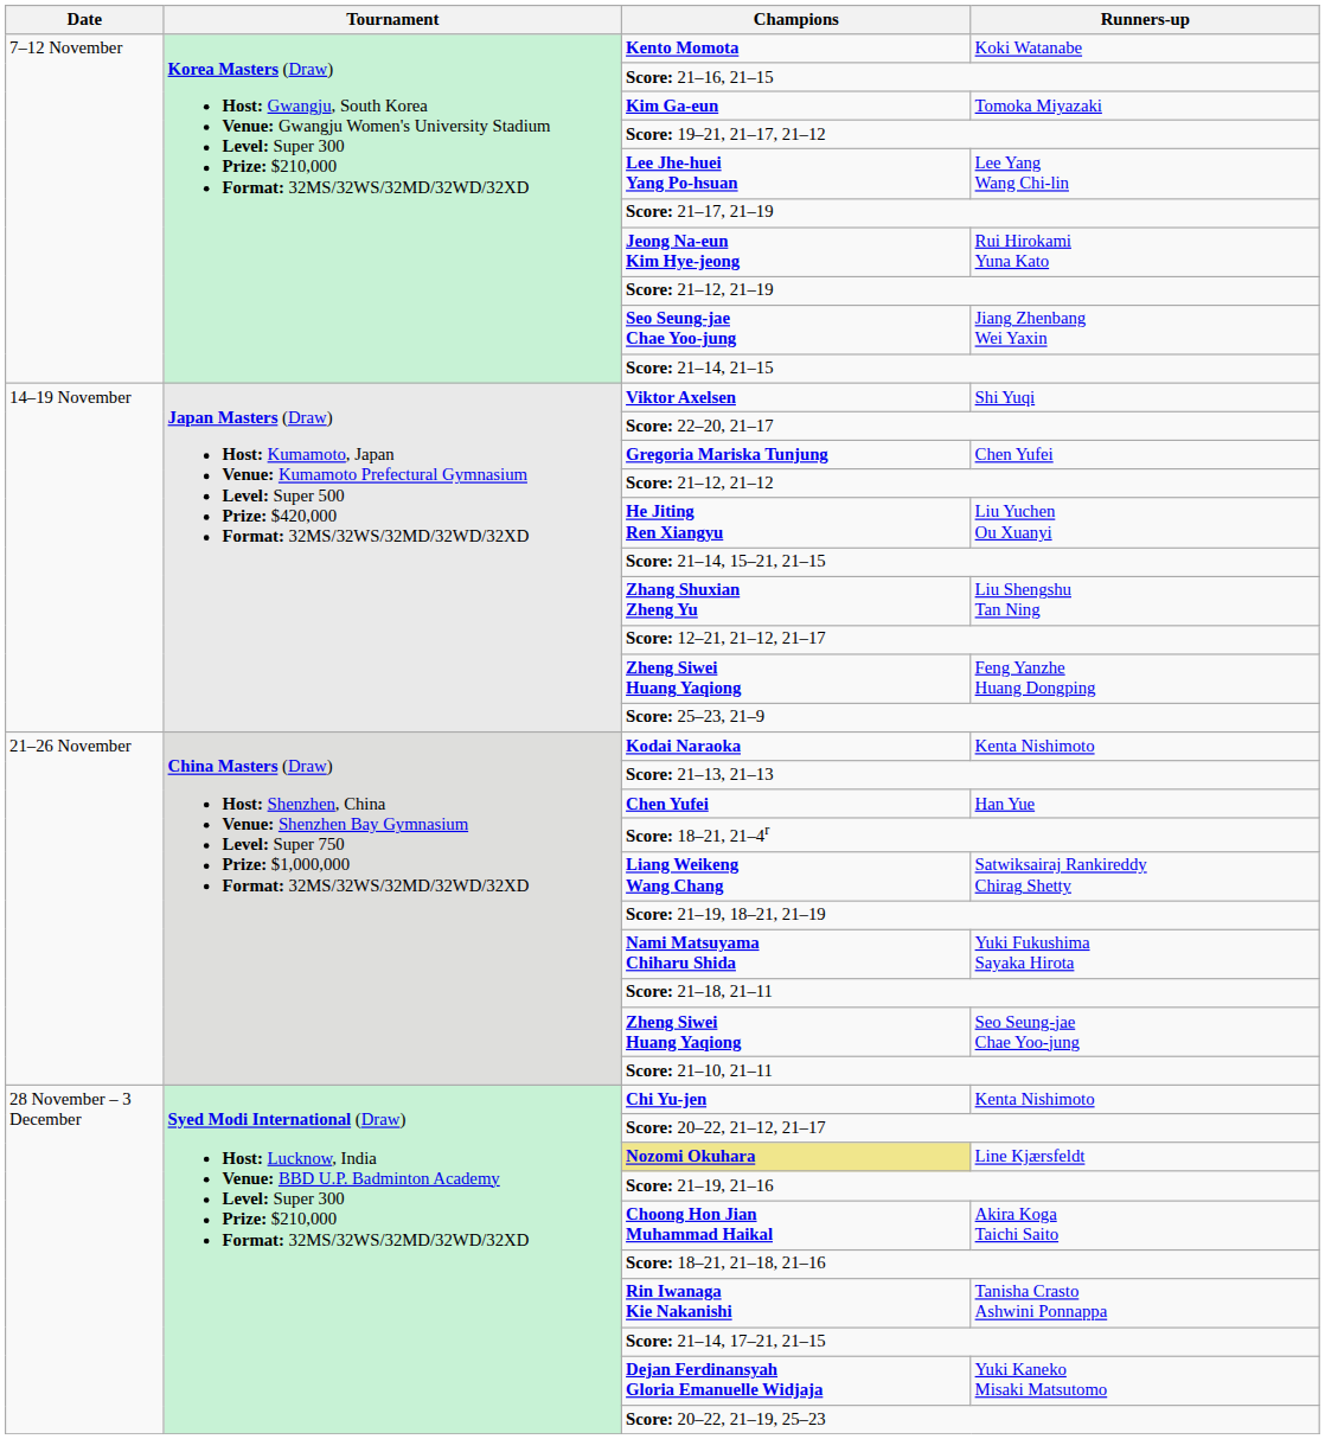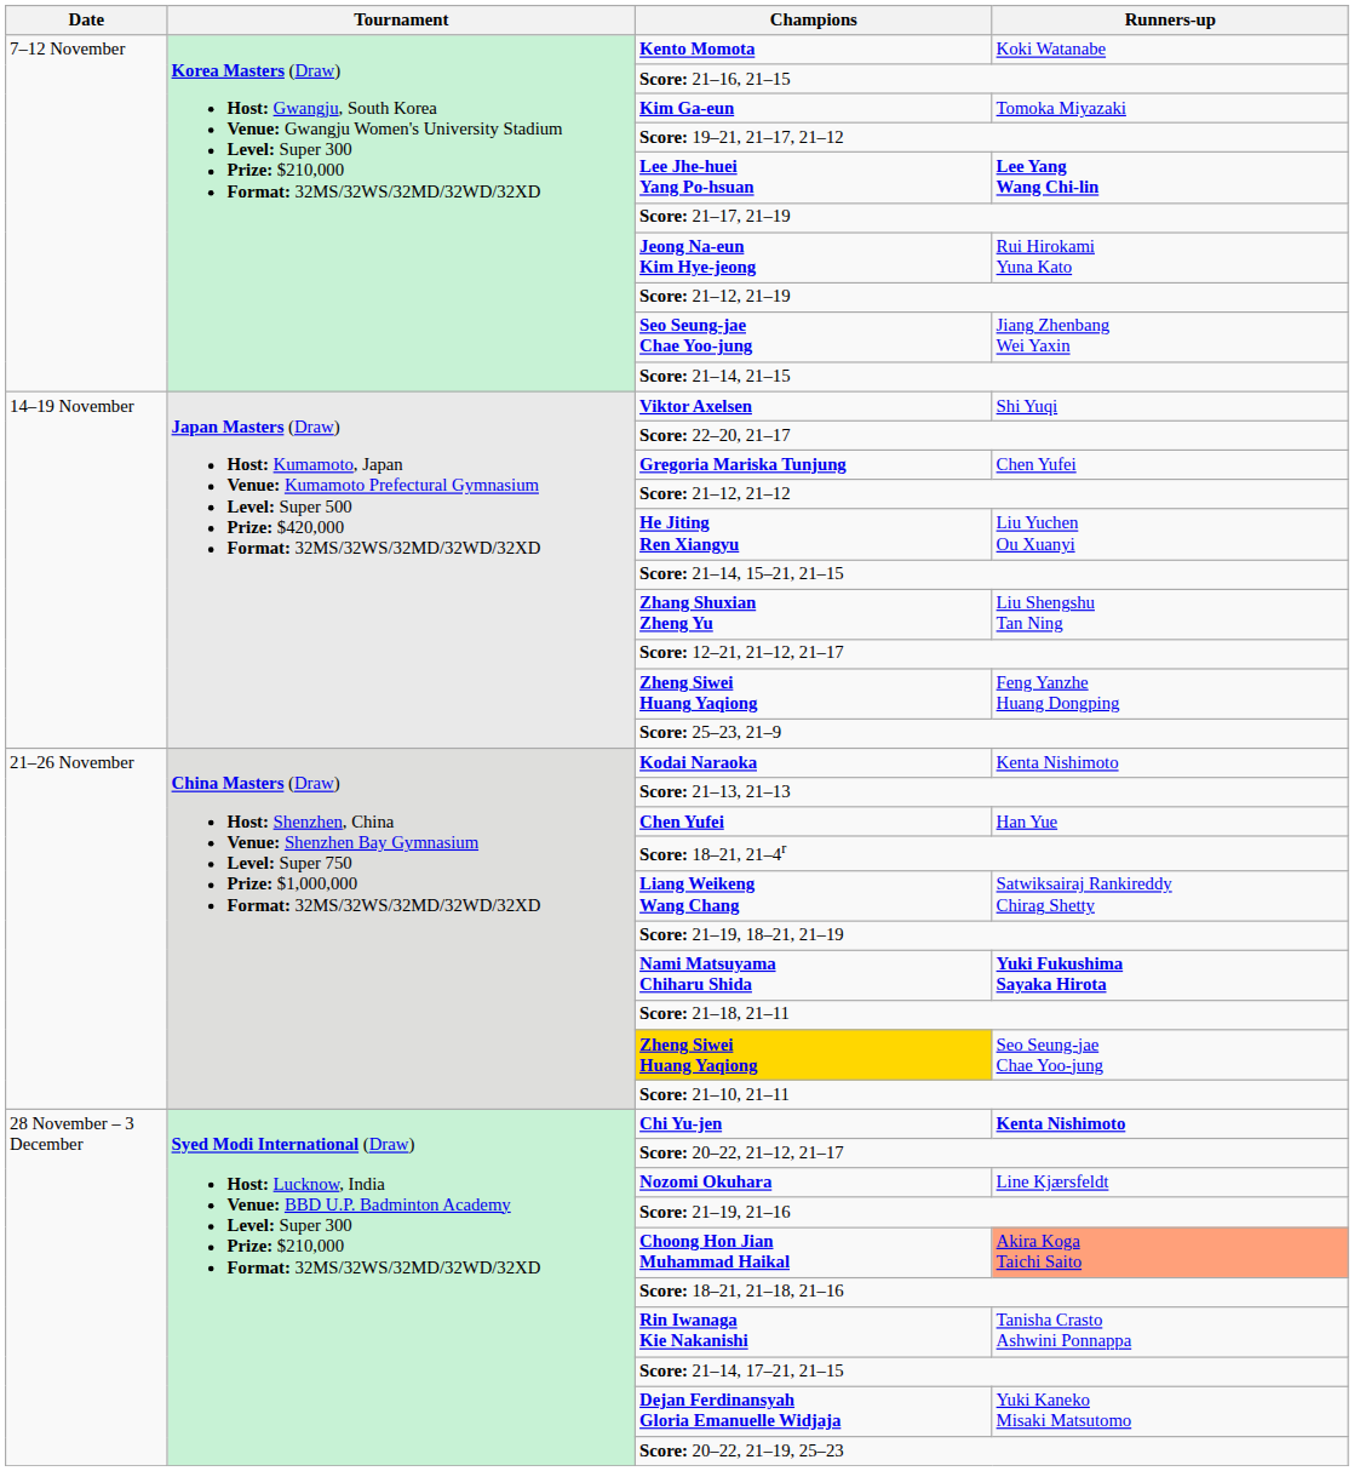 <table class="wikitable" style="font-size:80%">
 <tr>
 <th width="110">Date</th>
 <th width="330">Tournament</th>
 <th width="250">Champions</th>
 <th width="250">Runners-up</th>
 </tr>
 <tr valign="top">
 <td rowspan="10">7–12 November</td>
 <td bgcolor="#C7F2D5" rowspan="10"><br><strong><a href='#'>Korea Masters</a></strong> (<a href='#'>Draw</a>)<ul><li><strong>Host:</strong> <a href='#'>Gwangju</a>, South Korea</li><li><strong>Venue:</strong> Gwangju Women's University Stadium</li><li><strong>Level:</strong> Super 300</li><li><strong>Prize:</strong> $210,000</li><li><strong>Format:</strong> 32MS/32WS/32MD/32WD/32XD</li></ul></td>
 <td><strong> <a href='#'>Kento Momota</a></strong></td>
 <td> <a href='#'>Koki Watanabe</a></td>
 </tr>
 <tr>
 <td colspan="2"><strong>Score:</strong> 21–16, 21–15</td>
 </tr>
 <tr valign="top">
 <td><strong> <a href='#'>Kim Ga-eun</a></strong></td>
 <td> <a href='#'>Tomoka Miyazaki</a></td>
 </tr>
 <tr>
 <td colspan="2"><strong>Score:</strong> 19–21, 21–17, 21–12</td>
 </tr>
 <tr valign="top">
 <td><strong> <a href='#'>Lee Jhe-huei</a><br> <a href='#'>Yang Po-hsuan</a></strong></td>
-<td> <a href='#'>Lee Yang</a> <br> <a href='#'>Wang Chi-lin</a></td>
+<td><strong> <a href='#'>Lee Yang</a> <br> <a href='#'>Wang Chi-lin</a></strong></td>
 </tr>
 <tr>
 <td colspan="2"><strong>Score:</strong> 21–17, 21–19</td>
 </tr>
 <tr valign="top">
 <td><strong> <a href='#'>Jeong Na-eun</a><br> <a href='#'>Kim Hye-jeong</a></strong></td>
 <td> <a href='#'>Rui Hirokami</a><br> <a href='#'>Yuna Kato</a></td>
 </tr>
 <tr>
 <td colspan="2"><strong>Score:</strong> 21–12, 21–19</td>
 </tr>
 <tr valign="top">
 <td><strong> <a href='#'>Seo Seung-jae</a><br> <a href='#'>Chae Yoo-jung</a></strong></td>
 <td> <a href='#'>Jiang Zhenbang</a><br> <a href='#'>Wei Yaxin</a></td>
 </tr>
 <tr>
 <td colspan="2"><strong>Score:</strong> 21–14, 21–15</td>
 </tr>
 <tr valign="top">
 <td rowspan="10">14–19 November</td>
 <td bgcolor="#E9E9E9" rowspan="10"><br><strong><a href='#'>Japan Masters</a></strong> (<a href='#'>Draw</a>)<ul><li><strong>Host:</strong> <a href='#'>Kumamoto</a>, Japan</li><li><strong>Venue:</strong> <a href='#'>Kumamoto Prefectural Gymnasium</a></li><li><strong>Level:</strong> Super 500</li><li><strong>Prize:</strong> $420,000</li><li><strong>Format:</strong> 32MS/32WS/32MD/32WD/32XD</li></ul></td>
 <td><strong> <a href='#'>Viktor Axelsen</a></strong></td>
 <td> <a href='#'>Shi Yuqi</a></td>
 </tr>
 <tr>
 <td colspan="2"><strong>Score:</strong> 22–20, 21–17</td>
 </tr>
 <tr valign="top">
 <td><strong> <a href='#'>Gregoria Mariska Tunjung</a></strong></td>
 <td> <a href='#'>Chen Yufei</a></td>
 </tr>
 <tr>
 <td colspan="2"><strong>Score:</strong> 21–12, 21–12</td>
 </tr>
 <tr valign="top">
 <td><strong> <a href='#'>He Jiting</a> <br> <a href='#'>Ren Xiangyu</a></strong></td>
 <td> <a href='#'>Liu Yuchen</a> <br> <a href='#'>Ou Xuanyi</a></td>
 </tr>
 <tr>
 <td colspan="2"><strong>Score:</strong> 21–14, 15–21, 21–15</td>
 </tr>
 <tr valign="top">
 <td><strong> <a href='#'>Zhang Shuxian</a> <br> <a href='#'>Zheng Yu</a></strong></td>
 <td> <a href='#'>Liu Shengshu</a> <br> <a href='#'>Tan Ning</a></td>
 </tr>
 <tr>
 <td colspan="2"><strong>Score:</strong> 12–21, 21–12, 21–17</td>
 </tr>
 <tr valign="top">
 <td><strong> <a href='#'>Zheng Siwei</a> <br> <a href='#'>Huang Yaqiong</a></strong></td>
 <td> <a href='#'>Feng Yanzhe</a> <br> <a href='#'>Huang Dongping</a></td>
 </tr>
 <tr>
 <td colspan="2"><strong>Score:</strong> 25–23, 21–9</td>
 </tr>
 <tr valign="top">
 <td rowspan="10">21–26 November</td>
 <td bgcolor="#DEDEDC" rowspan="10"><br><strong><a href='#'>China Masters</a></strong> (<a href='#'>Draw</a>)<ul><li><strong>Host:</strong> <a href='#'>Shenzhen</a>, China</li><li><strong>Venue:</strong> <a href='#'>Shenzhen Bay Gymnasium</a></li><li><strong>Level:</strong> Super 750</li><li><strong>Prize:</strong> $1,000,000</li><li><strong>Format:</strong> 32MS/32WS/32MD/32WD/32XD</li></ul></td>
 <td><strong> <a href='#'>Kodai Naraoka</a></strong></td>
 <td> <a href='#'>Kenta Nishimoto</a></td>
 </tr>
 <tr>
 <td colspan="2"><strong>Score:</strong> 21–13, 21–13</td>
 </tr>
 <tr valign="top">
 <td><strong> <a href='#'>Chen Yufei</a></strong></td>
 <td> <a href='#'>Han Yue</a></td>
 </tr>
 <tr>
 <td colspan="2"><strong>Score:</strong> 18–21, 21–4<sup>r</sup></td>
 </tr>
 <tr valign="top">
 <td><strong> <a href='#'>Liang Weikeng</a> <br> <a href='#'>Wang Chang</a></strong></td>
 <td> <a href='#'>Satwiksairaj Rankireddy</a><br> <a href='#'>Chirag Shetty</a></td>
 </tr>
 <tr>
 <td colspan="2"><strong>Score:</strong> 21–19, 18–21, 21–19</td>
 </tr>
 <tr valign="top">
 <td><strong> <a href='#'>Nami Matsuyama</a> <br> <a href='#'>Chiharu Shida</a></strong></td>
-<td> <a href='#'>Yuki Fukushima</a> <br> <a href='#'>Sayaka Hirota</a></td>
+<td><strong> <a href='#'>Yuki Fukushima</a> <br> <a href='#'>Sayaka Hirota</a></strong></td>
 </tr>
 <tr>
 <td colspan="2"><strong>Score:</strong> 21–18, 21–11</td>
 </tr>
 <tr valign="top">
-<td><strong> <a href='#'>Zheng Siwei</a> <br> <a href='#'>Huang Yaqiong</a></strong></td>
+<td style="background: gold;"><strong> <a href='#'>Zheng Siwei</a> <br> <a href='#'>Huang Yaqiong</a></strong></td>
 <td> <a href='#'>Seo Seung-jae</a> <br> <a href='#'>Chae Yoo-jung</a></td>
 </tr>
 <tr>
 <td colspan="2"><strong>Score:</strong> 21–10, 21–11</td>
 </tr>
 <tr valign="top">
 <td rowspan="10">28 November – 3 December</td>
 <td bgcolor="#C7F2D5" rowspan="10"><br><strong><a href='#'>Syed Modi International</a></strong> (<a href='#'>Draw</a>)<ul><li><strong>Host:</strong> <a href='#'>Lucknow</a>, India</li><li><strong>Venue:</strong> <a href='#'>BBD U.P. Badminton Academy</a></li><li><strong>Level:</strong> Super 300</li><li><strong>Prize:</strong> $210,000</li><li><strong>Format:</strong> 32MS/32WS/32MD/32WD/32XD</li></ul></td>
 <td><strong> <a href='#'>Chi Yu-jen</a></strong></td>
-<td> <a href='#'>Kenta Nishimoto</a></td>
+<td><strong> <a href='#'>Kenta Nishimoto</a></strong></td>
 </tr>
 <tr>
 <td colspan="2"><strong>Score:</strong> 20–22, 21–12, 21–17</td>
 </tr>
 <tr valign="top">
-<td style="background: khaki;"><strong> <a href='#'>Nozomi Okuhara</a></strong></td>
+<td><strong> <a href='#'>Nozomi Okuhara</a></strong></td>
 <td> <a href='#'>Line Kjærsfeldt</a></td>
 </tr>
 <tr>
 <td colspan="2"><strong>Score:</strong> 21–19, 21–16</td>
 </tr>
 <tr valign="top">
 <td><strong> <a href='#'>Choong Hon Jian</a><br> <a href='#'>Muhammad Haikal</a></strong></td>
-<td> <a href='#'>Akira Koga</a><br> <a href='#'>Taichi Saito</a></td>
+<td style="background: lightsalmon;"> <a href='#'>Akira Koga</a><br> <a href='#'>Taichi Saito</a></td>
 </tr>
 <tr>
 <td colspan="2"><strong>Score:</strong> 18–21, 21–18, 21–16</td>
 </tr>
 <tr valign="top">
 <td><strong> <a href='#'>Rin Iwanaga</a> <br> <a href='#'>Kie Nakanishi</a> </strong></td>
 <td> <a href='#'>Tanisha Crasto</a><br> <a href='#'>Ashwini Ponnappa</a></td>
 </tr>
 <tr>
 <td colspan="2"><strong>Score:</strong> 21–14, 17–21, 21–15</td>
 </tr>
 <tr valign="top">
 <td><strong> <a href='#'>Dejan Ferdinansyah</a><br> <a href='#'>Gloria Emanuelle Widjaja</a></strong></td>
 <td> <a href='#'>Yuki Kaneko</a><br> <a href='#'>Misaki Matsutomo</a></td>
 </tr>
 <tr>
 <td colspan="2"><strong>Score:</strong> 20–22, 21–19, 25–23</td>
 </tr>
 </table>
